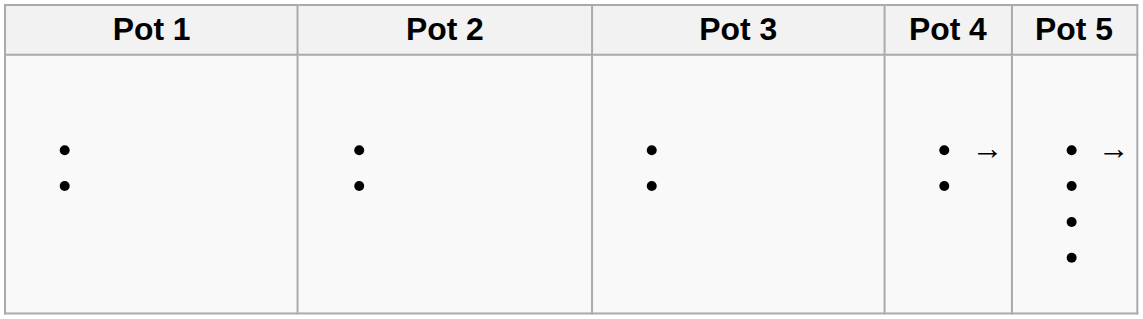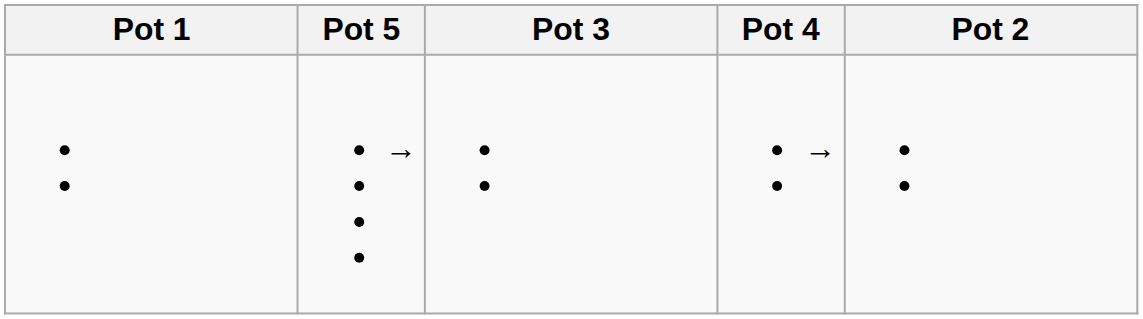 <table class="wikitable">
 <tr>
 <th scope="col" width=140px>Pot 1</th>
-<th scope="col" width=140px>Pot 2</th>
+<th scope="col">Pot 5</th>
 <th scope="col" width=140px>Pot 3</th>
 <th scope="col">Pot 4</th>
-<th scope="col">Pot 5</th>
+<th scope="col" width=140px>Pot 2</th>
 </tr>
 <tr style="vertical-align: top;">
 <td><br><ul><li></li><li></li></ul></td>
-<td><br><ul><li></li><li></li></ul></td>
+<td><br><ul><li><s></s> → </li><li></li><li><s></s></li><li></li></ul></td>
 <td><br><ul><li></li><li></li></ul></td>
 <td><br><ul><li><s></s> → </li><li></li></ul></td>
-<td><br><ul><li><s></s> → </li><li></li><li><s></s></li><li></li></ul></td>
+<td><br><ul><li></li><li></li></ul></td>
 </tr>
 </table>
